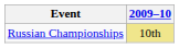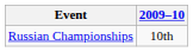 <table class="wikitable" style="text-align:center">
 <tr>
 <th>Event</th>
 <th><a href='#'>2009–10</a></th>
 </tr>
 <tr>
 <td align=left><a href='#'>Russian Championships</a></td>
-<td style="background: khaki;">10th</td>
+<td>10th</td>
 </tr>
 </table>
